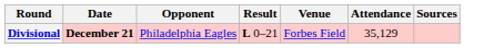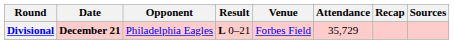 <table class="wikitable" style="text-align:center">
 <tr>
 <th>Round</th>
 <th>Date</th>
 <th>Opponent</th>
 <th>Result</th>
 <th>Venue</th>
 <th>Attendance</th>
+<th>Recap</th>
 <th>Sources</th>
 </tr>
 <tr style="background:#fcc">
 <th><a href='#'>Divisional</a></th>
 <td><strong>December 21</strong></td>
 <td><a href='#'>Philadelphia Eagles</a></td>
 <td><strong>L</strong> 0–21</td>
 <td><a href='#'>Forbes Field</a></td>
-<td>35,129</td>
+<td>35,729</td>
+<td></td>
 <td></td>
 </tr>
 </table>
